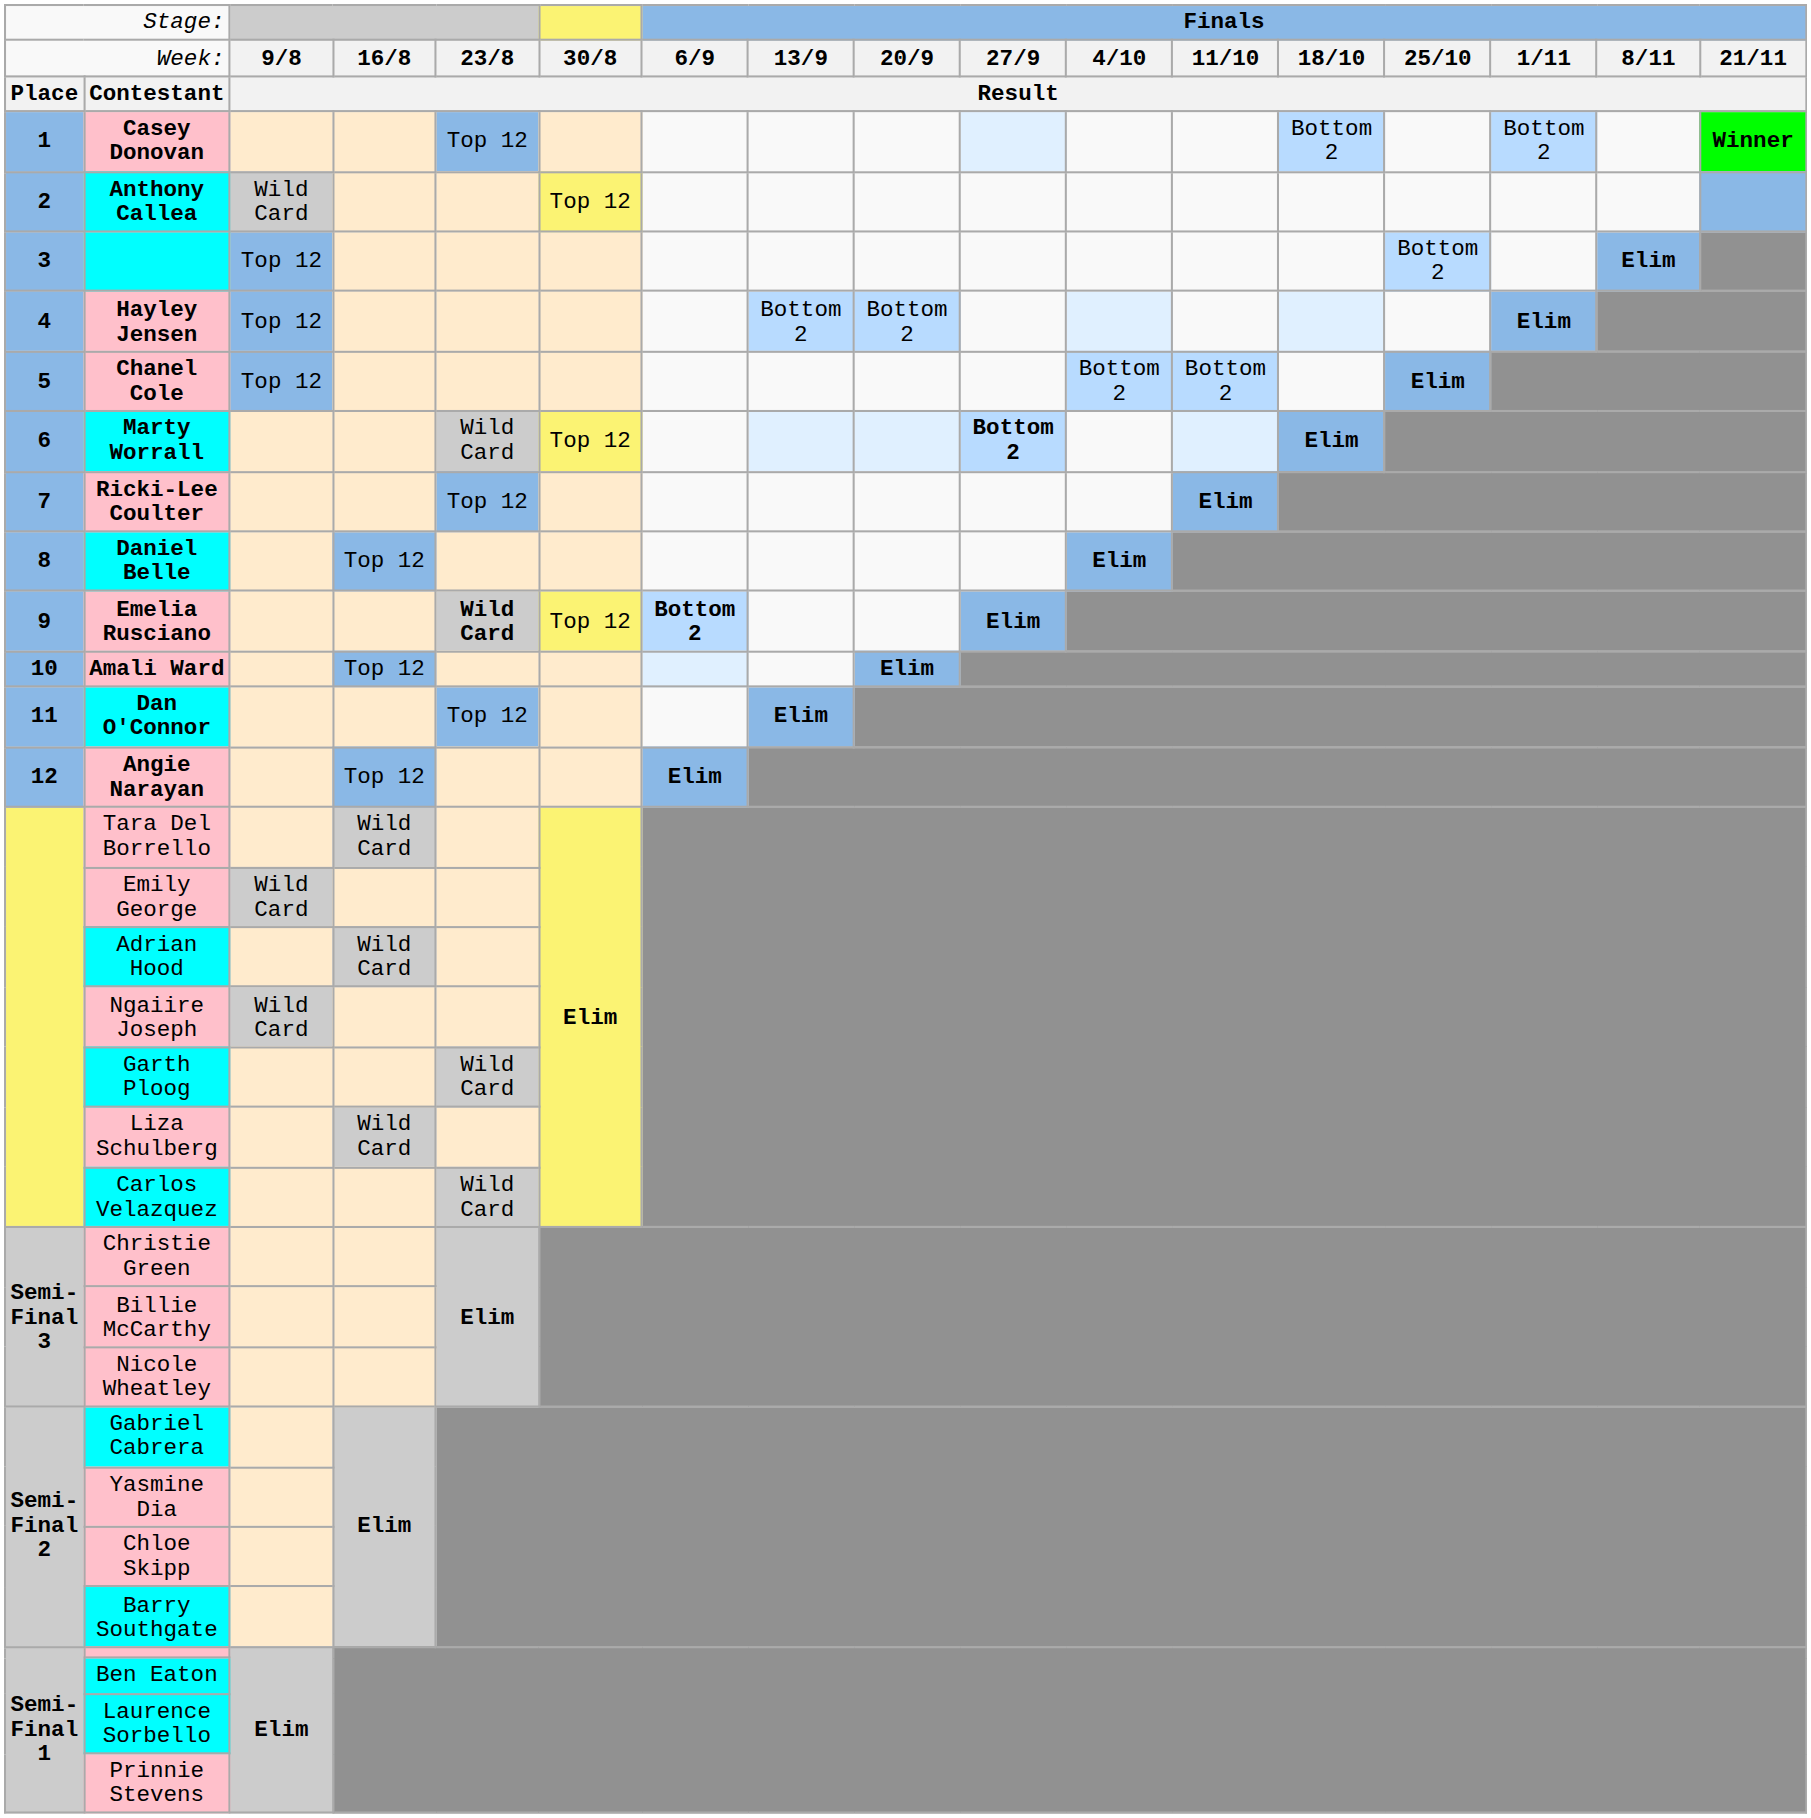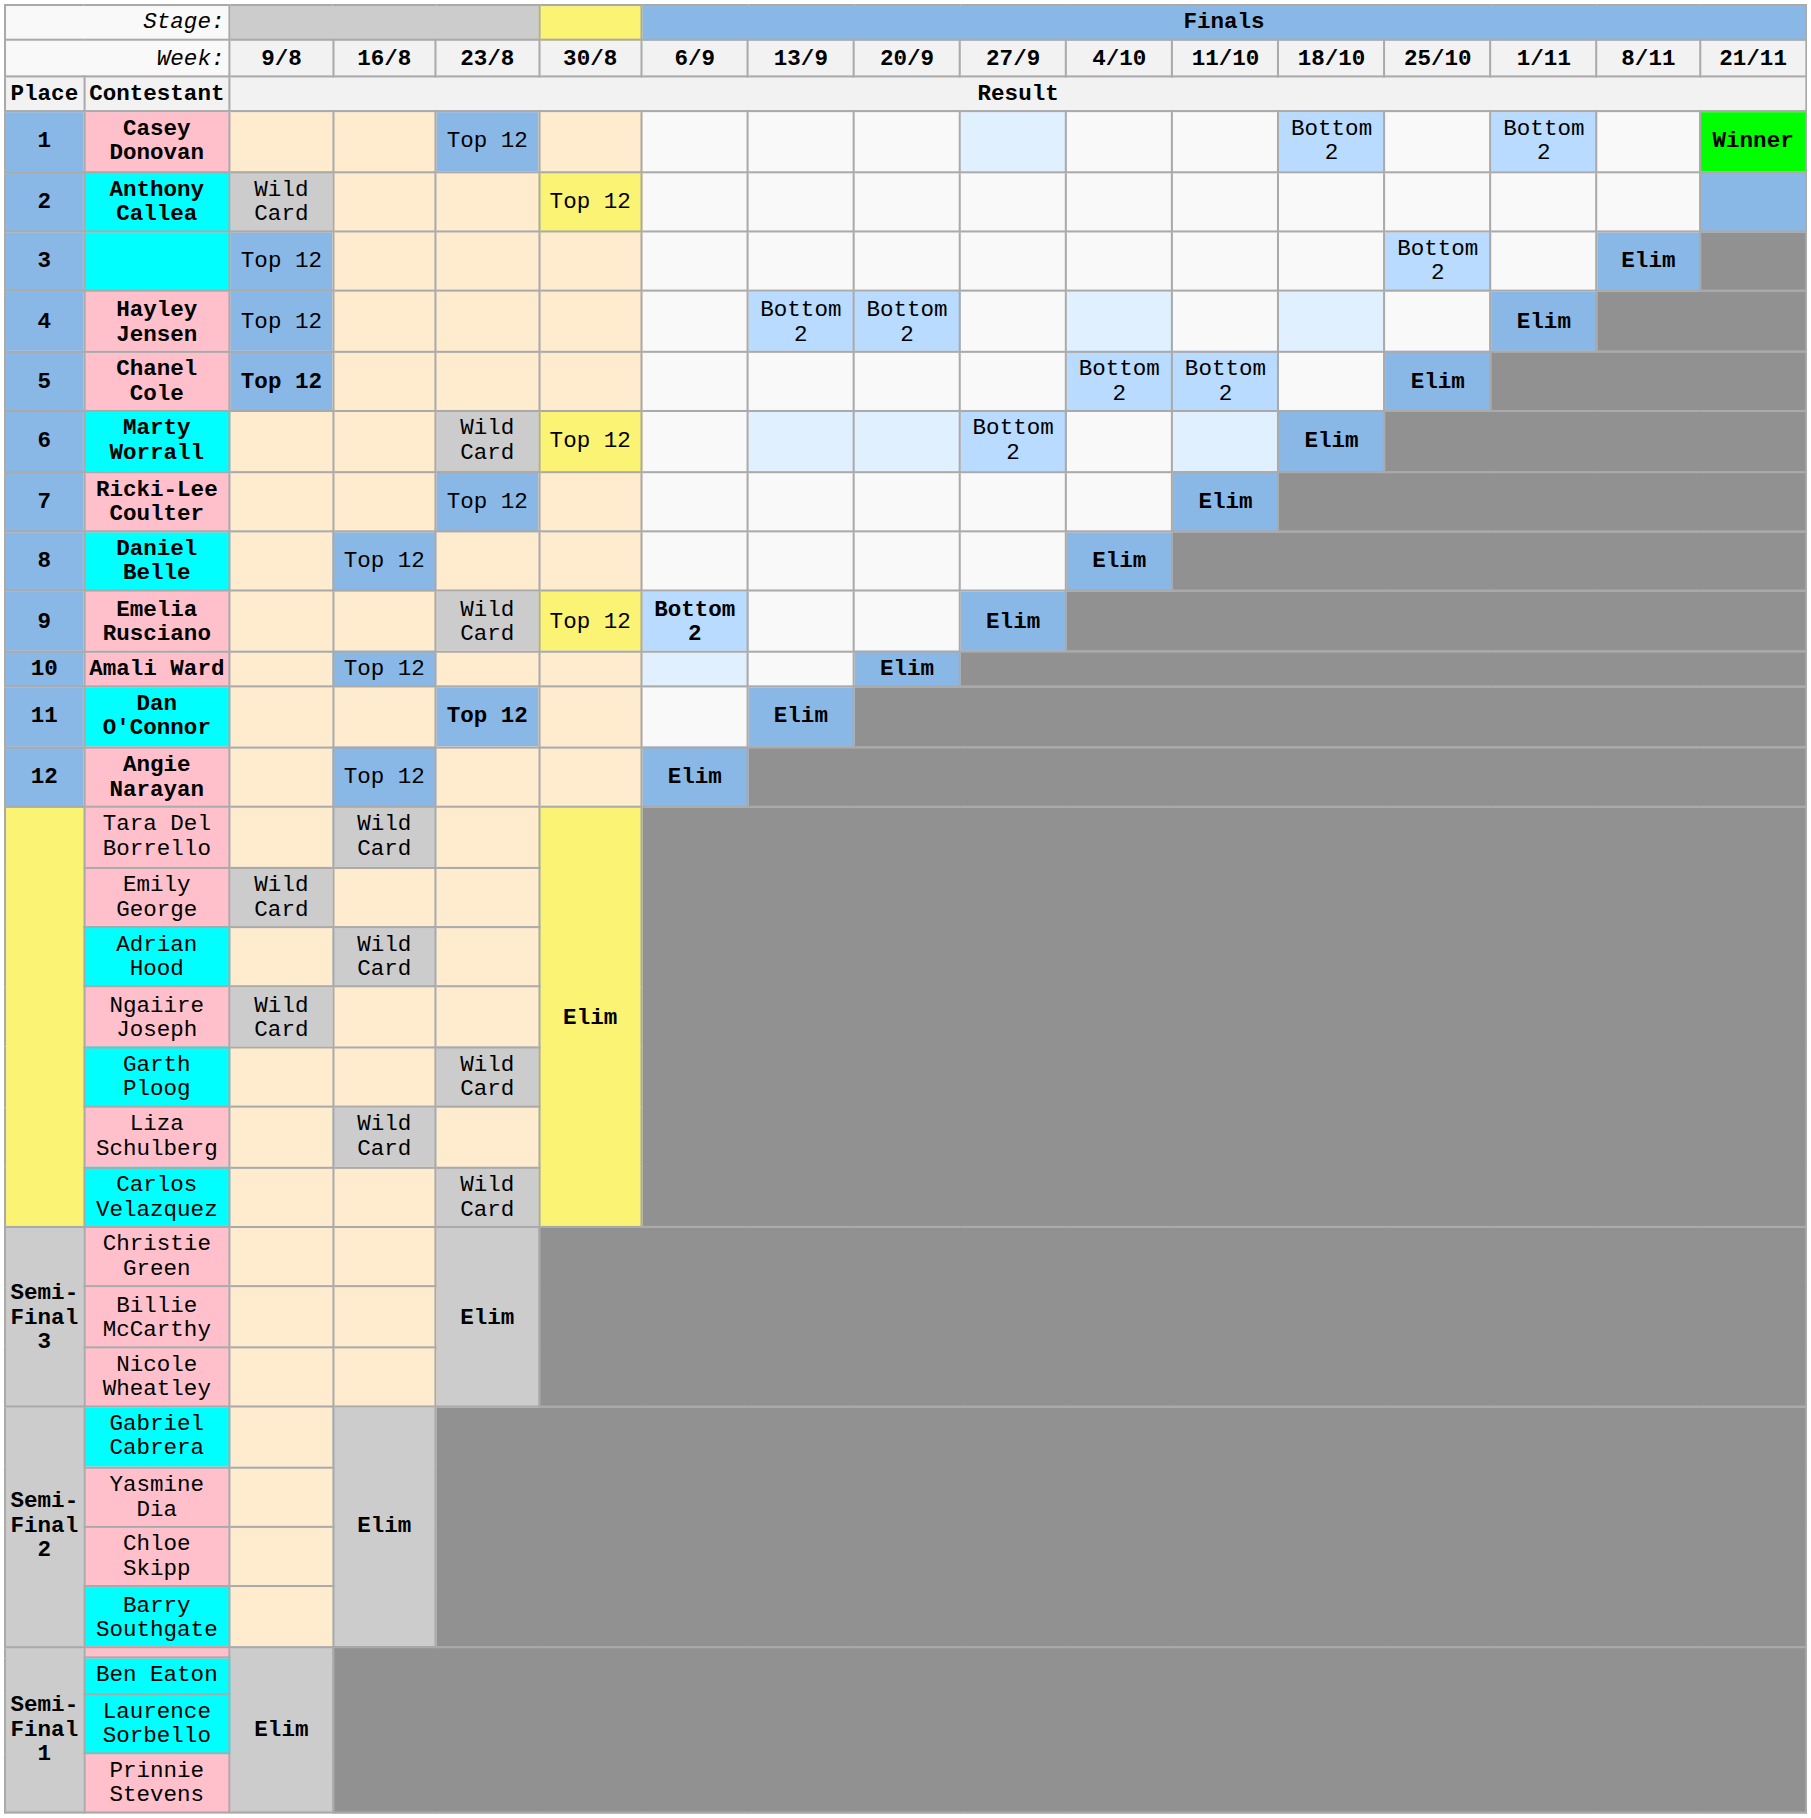 <table class="wikitable" style="margin:1em auto; text-align:center; font-size:85%">
 <tr>
 <td colspan="2" style="text-align:right;"><em>Stage:</em></td>
 <td colspan="3"  style="width:6%; background:#ccc;"></td>
 <td style="width:6%; background:#fbf373;"></td>
 <td colspan="12" style="background:#8ab8e6;"><strong>Finals</strong></td>
 </tr>
 <tr>
 <td colspan="2" style="text-align:right;"><em>Week:</em></td>
 <th width=6%>9/8</th>
 <th width=6%>16/8</th>
 <th width=6%>23/8</th>
 <th width=6%>30/8</th>
 <th width=6%>6/9</th>
 <th width=6%>13/9</th>
 <th width=6%>20/9</th>
 <th width=6%>27/9</th>
 <th width=6%>4/10</th>
 <th width=6%>11/10</th>
 <th width=6%>18/10</th>
 <th width=6%>25/10</th>
 <th width=6%>1/11</th>
 <th width=6%>8/11</th>
 <th width=6%>21/11</th>
 </tr>
 <tr>
 <th>Place</th>
 <th>Contestant</th>
 <th colspan="15">Result</th>
 </tr>
 <tr>
 <td style="background:#8ab8e6;"><strong>1</strong></td>
 <td style="background:pink;"><strong>Casey Donovan</strong></td>
 <td style="background:#FFEBCD;"></td>
 <td style="background:#FFEBCD;"></td>
 <td style="background:#8ab8e6">Top 12</td>
 <td style="background:#FFEBCD;"></td>
 <td></td>
 <td></td>
 <td></td>
 <td style="background:#e0f0ff;"></td>
 <td></td>
 <td></td>
 <td style="background:#b8dbff;">Bottom 2</td>
 <td></td>
 <td style="background:#b8dbff;">Bottom 2</td>
 <td></td>
 <td style="background:lime;"><strong>Winner</strong></td>
 </tr>
 <tr>
 <td style="background:#8ab8e6;"><strong>2</strong></td>
 <td style="background:cyan;"><strong>Anthony Callea</strong></td>
 <td style="background:#ccc">Wild Card</td>
 <td style="background:#FFEBCD;"></td>
 <td style="background:#FFEBCD;"></td>
 <td style="background:#fbf373">Top 12</td>
 <td></td>
 <td></td>
 <td></td>
 <td></td>
 <td></td>
 <td></td>
 <td></td>
 <td></td>
 <td></td>
 <td></td>
 <td style="background:#8ab8e6;"></td>
 </tr>
 <tr>
 <td style="background:#8ab8e6;"><strong>3</strong></td>
 <td style="background:cyan;"></td>
 <td style="background:#8ab8e6">Top 12</td>
 <td style="background:#FFEBCD;"></td>
 <td style="background:#FFEBCD;"></td>
 <td style="background:#FFEBCD;"></td>
 <td></td>
 <td></td>
 <td></td>
 <td></td>
 <td></td>
 <td></td>
 <td></td>
 <td style="background:#b8dbff;">Bottom 2</td>
 <td></td>
 <td style="background:#8ab8e6;"><strong>Elim</strong></td>
 <td style="background:#919191;" colspan="10"></td>
 </tr>
 <tr>
 <td style="background:#8ab8e6;"><strong>4</strong></td>
 <td style="background:pink;"><strong>Hayley Jensen</strong></td>
 <td style="background:#8ab8e6">Top 12</td>
 <td style="background:#FFEBCD;"></td>
 <td style="background:#FFEBCD;"></td>
 <td style="background:#FFEBCD;"></td>
 <td></td>
 <td style="background:#b8dbff;">Bottom 2</td>
 <td style="background:#b8dbff;">Bottom 2</td>
 <td></td>
 <td style="background:#e0f0ff;"></td>
 <td></td>
 <td style="background:#e0f0ff;"></td>
 <td></td>
 <td style="background:#8ab8e6;"><strong>Elim</strong></td>
 <td style="background:#919191;" colspan="10"></td>
 </tr>
 <tr>
 <td style="background:#8ab8e6;"><strong>5</strong></td>
 <td style="background:pink;"><strong>Chanel Cole</strong></td>
-<td style="background:#8ab8e6">Top 12</td>
+<td style="background:#8ab8e6"><strong>Top 12</strong></td>
 <td style="background:#FFEBCD;"></td>
 <td style="background:#FFEBCD;"></td>
 <td style="background:#FFEBCD;"></td>
 <td></td>
 <td></td>
 <td></td>
 <td></td>
 <td style="background:#b8dbff;">Bottom 2</td>
 <td style="background:#b8dbff;">Bottom 2</td>
 <td></td>
 <td style="background:#8ab8e6;"><strong>Elim</strong></td>
 <td style="background:#919191;" colspan="10"></td>
 </tr>
 <tr>
 <td style="background:#8ab8e6;"><strong>6</strong></td>
 <td style="background:cyan;"><strong>Marty Worrall</strong></td>
 <td style="background:#FFEBCD;"></td>
 <td style="background:#FFEBCD;"></td>
 <td style="background:#ccc">Wild Card</td>
 <td style="background:#fbf373">Top 12</td>
 <td></td>
 <td style="background:#e0f0ff;"></td>
 <td style="background:#e0f0ff;"></td>
-<td style="background:#b8dbff;"><strong>Bottom 2</strong></td>
+<td style="background:#b8dbff;">Bottom 2</td>
 <td></td>
 <td style="background:#e0f0ff;"></td>
 <td style="background:#8ab8e6;"><strong>Elim</strong></td>
 <td style="background:#919191;" colspan="10"></td>
 </tr>
 <tr>
 <td style="background:#8ab8e6;"><strong>7</strong></td>
 <td style="background:pink;"><strong>Ricki-Lee Coulter</strong></td>
 <td style="background:#FFEBCD;"></td>
 <td style="background:#FFEBCD;"></td>
 <td style="background:#8ab8e6">Top 12</td>
 <td style="background:#FFEBCD;"></td>
 <td></td>
 <td></td>
 <td></td>
 <td></td>
 <td></td>
 <td style="background:#8ab8e6;"><strong>Elim</strong></td>
 <td style="background:#919191;" colspan="10"></td>
 </tr>
 <tr>
 <td style="background:#8ab8e6;"><strong>8</strong></td>
 <td style="background:cyan;"><strong>Daniel Belle</strong></td>
 <td style="background:#FFEBCD;"></td>
 <td style="background:#8ab8e6">Top 12</td>
 <td style="background:#FFEBCD;"></td>
 <td style="background:#FFEBCD;"></td>
 <td></td>
 <td></td>
 <td></td>
 <td></td>
 <td style="background:#8ab8e6;"><strong>Elim</strong></td>
 <td style="background:#919191;" colspan="10"></td>
 </tr>
 <tr>
 <td style="background:#8ab8e6;"><strong>9</strong></td>
 <td style="background:pink;"><strong>Emelia Rusciano</strong></td>
 <td style="background:#FFEBCD;"></td>
 <td style="background:#FFEBCD;"></td>
-<td style="background:#ccc"><strong>Wild Card</strong></td>
+<td style="background:#ccc">Wild Card</td>
 <td style="background:#fbf373">Top 12</td>
 <td style="background:#b8dbff;"><strong>Bottom 2</strong></td>
 <td></td>
 <td></td>
 <td style="background:#8ab8e6;"><strong>Elim</strong></td>
 <td style="background:#919191;" colspan="10"></td>
 </tr>
 <tr>
 <td style="background:#8ab8e6;"><strong>10</strong></td>
 <td style="background:pink;"><strong>Amali Ward</strong></td>
 <td style="background:#FFEBCD;"></td>
 <td style="background:#8ab8e6">Top 12</td>
 <td style="background:#FFEBCD;"></td>
 <td style="background:#FFEBCD;"></td>
 <td style="background:#e0f0ff;"></td>
 <td></td>
 <td style="background:#8ab8e6;"><strong>Elim</strong></td>
 <td style="background:#919191;" colspan="10"></td>
 </tr>
 <tr>
 <td style="background:#8ab8e6;"><strong>11</strong></td>
 <td style="background:cyan;"><strong>Dan O'Connor</strong></td>
 <td style="background:#FFEBCD;"></td>
 <td style="background:#FFEBCD;"></td>
-<td style="background:#8ab8e6">Top 12</td>
+<td style="background:#8ab8e6"><strong>Top 12</strong></td>
 <td style="background:#FFEBCD;"></td>
 <td></td>
 <td style="background:#8ab8e6;"><strong>Elim</strong></td>
 <td style="background:#919191;" colspan="10"></td>
 </tr>
 <tr>
 <td style="background:#8ab8e6;"><strong>12</strong></td>
 <td style="background:pink;"><strong>Angie Narayan</strong></td>
 <td style="background:#FFEBCD;"></td>
 <td style="background:#8ab8e6">Top 12</td>
 <td style="background:#FFEBCD;"></td>
 <td style="background:#FFEBCD;"></td>
 <td style="background:#8ab8e6;"><strong>Elim</strong></td>
 <td style="background:#919191;" colspan="10"></td>
 </tr>
 <tr>
 <td style="background:#fbf373;" rowspan="7"></td>
 <td style="background:pink;">Tara Del Borrello</td>
 <td style="background:#FFEBCD;"></td>
 <td style="background:#ccc">Wild Card</td>
 <td style="background:#FFEBCD;"></td>
 <td style="background:#fbf373;" rowspan="7"><strong>Elim</strong></td>
 <td style="background:#919191;" colspan="12" rowspan="7"></td>
 </tr>
 <tr>
 <td style="background:pink;">Emily George</td>
 <td style="background:#ccc">Wild Card</td>
 <td style="background:#FFEBCD;"></td>
 <td style="background:#FFEBCD;"></td>
 </tr>
 <tr>
 <td style="background:cyan;">Adrian Hood</td>
 <td style="background:#FFEBCD;"></td>
 <td style="background:#ccc">Wild Card</td>
 <td style="background:#FFEBCD;"></td>
 </tr>
 <tr>
 <td style="background:pink;">Ngaiire Joseph</td>
 <td style="background:#ccc">Wild Card</td>
 <td style="background:#FFEBCD;"></td>
 <td style="background:#FFEBCD;"></td>
 </tr>
 <tr>
 <td style="background:cyan;">Garth Ploog</td>
 <td style="background:#FFEBCD;"></td>
 <td style="background:#FFEBCD;"></td>
 <td style="background:#ccc">Wild Card</td>
 </tr>
 <tr>
 <td style="background:pink;">Liza Schulberg</td>
 <td style="background:#FFEBCD;"></td>
 <td style="background:#ccc">Wild Card</td>
 <td style="background:#FFEBCD;"></td>
 </tr>
 <tr>
 <td style="background:cyan;">Carlos Velazquez</td>
 <td style="background:#FFEBCD;"></td>
 <td style="background:#FFEBCD;"></td>
 <td style="background:#ccc">Wild Card</td>
 </tr>
 <tr>
 <td style="background:#ccc;" rowspan="3"><strong>Semi-Final 3</strong></td>
 <td style="background:pink;">Christie Green</td>
 <td style="background:#FFEBCD;"></td>
 <td style="background:#FFEBCD;"></td>
 <td style="background:#ccc;" rowspan="3"><strong>Elim</strong></td>
 <td style="background:#919191;" colspan="13" rowspan="3"></td>
 </tr>
 <tr>
 <td style="background:pink;">Billie McCarthy</td>
 <td style="background:#FFEBCD;"></td>
 <td style="background:#FFEBCD;"></td>
 </tr>
 <tr>
 <td style="background:pink;">Nicole Wheatley</td>
 <td style="background:#FFEBCD;"></td>
 <td style="background:#FFEBCD;"></td>
 </tr>
 <tr>
 <td style="background:#ccc;" rowspan="4"><strong>Semi-Final 2</strong></td>
 <td style="background:cyan;">Gabriel Cabrera</td>
 <td style="background:#FFEBCD;"></td>
 <td style="background:#ccc;" rowspan="4"><strong>Elim</strong></td>
 <td style="background:#919191;" colspan="13" rowspan="4"></td>
 </tr>
 <tr>
 <td style="background:pink;">Yasmine Dia</td>
 <td style="background:#FFEBCD;"></td>
 </tr>
 <tr>
 <td style="background:pink;">Chloe Skipp</td>
 <td style="background:#FFEBCD;"></td>
 </tr>
 <tr>
 <td style="background:cyan;">Barry Southgate</td>
 <td style="background:#FFEBCD;"></td>
 </tr>
 <tr>
 <td style="background:#ccc;" rowspan="4"><strong>Semi-Final 1</strong></td>
 <td style="background:pink;"></td>
 <td style="background:#ccc;" rowspan="4"><strong>Elim</strong></td>
 <td style="background:#919191;" colspan="15" rowspan="4"></td>
 </tr>
 <tr>
 <td style="background:cyan;">Ben Eaton</td>
 </tr>
 <tr>
 <td style="background:cyan;">Laurence Sorbello</td>
 </tr>
 <tr>
 <td style="background:pink;">Prinnie Stevens</td>
 </tr>
 </table>
